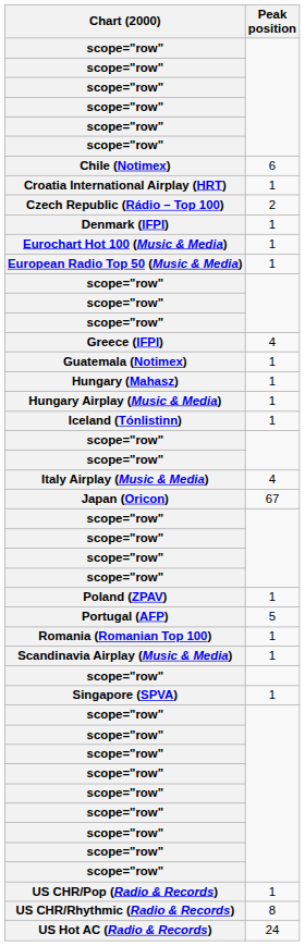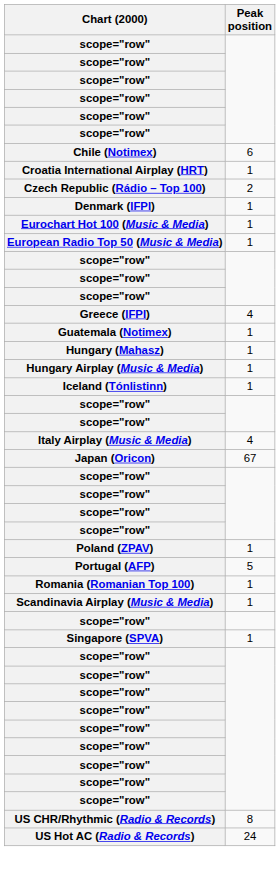 <table class="wikitable sortable plainrowheaders" style="text-align:center">
 <tr>
 <th scope="col">Chart (2000)</th>
 <th scope="col">Peak<br>position</th>
 </tr>
 <tr>
 <th>scope="row"</th>
 </tr>
 <tr>
 <th>scope="row"</th>
 </tr>
 <tr>
 <th>scope="row"</th>
 </tr>
 <tr>
 <th>scope="row"</th>
 </tr>
 <tr>
 <th>scope="row"</th>
 </tr>
 <tr>
 <th>scope="row"</th>
 </tr>
 <tr>
 <th scope="row">Chile (<a href='#'>Notimex</a>)</th>
 <td>6</td>
 </tr>
 <tr>
 <th scope="row">Croatia International Airplay (<a href='#'>HRT</a>)</th>
 <td>1</td>
 </tr>
 <tr>
 <th scope="row">Czech Republic (<a href='#'>Rádio – Top 100</a>)</th>
 <td>2</td>
 </tr>
 <tr>
 <th scope="row">Denmark (<a href='#'>IFPI</a>)</th>
 <td>1</td>
 </tr>
 <tr>
 <th scope="row"><a href='#'>Eurochart Hot 100</a> (<em><a href='#'>Music & Media</a></em>)</th>
 <td>1</td>
 </tr>
 <tr>
 <th scope="row"><a href='#'>European Radio Top 50</a> (<em><a href='#'>Music & Media</a></em>)</th>
 <td>1</td>
 </tr>
 <tr>
 <th>scope="row"</th>
 </tr>
 <tr>
 <th>scope="row"</th>
 </tr>
 <tr>
 <th>scope="row"</th>
 </tr>
 <tr>
 <th scope="row">Greece (<a href='#'>IFPI</a>)</th>
 <td>4</td>
 </tr>
 <tr>
 <th scope="row">Guatemala (<a href='#'>Notimex</a>)</th>
 <td align="center">1</td>
 </tr>
 <tr>
 <th scope="row">Hungary (<a href='#'>Mahasz</a>)</th>
 <td>1</td>
 </tr>
 <tr>
 <th scope="row">Hungary Airplay (<em><a href='#'>Music & Media</a></em>)</th>
 <td>1</td>
 </tr>
 <tr>
 <th scope="row">Iceland (<a href='#'>Tónlistinn</a>)</th>
 <td>1</td>
 </tr>
 <tr>
 <th>scope="row"</th>
 </tr>
 <tr>
 <th>scope="row"</th>
 </tr>
 <tr>
 <th scope= "row">Italy Airplay (<em><a href='#'>Music & Media</a></em>)</th>
 <td>4</td>
 </tr>
 <tr>
 <th scope="row">Japan (<a href='#'>Oricon</a>)</th>
 <td>67</td>
 </tr>
 <tr>
 <th>scope="row"</th>
 </tr>
 <tr>
 <th>scope="row"</th>
 </tr>
 <tr>
 <th>scope="row"</th>
 </tr>
 <tr>
 <th>scope="row"</th>
 </tr>
 <tr>
 <th scope="row">Poland (<a href='#'>ZPAV</a>)</th>
 <td>1</td>
 </tr>
 <tr>
 <th scope="row">Portugal (<a href='#'>AFP</a>)</th>
 <td>5</td>
 </tr>
 <tr>
 <th scope="row">Romania (<a href='#'>Romanian Top 100</a>)</th>
 <td>1</td>
 </tr>
 <tr>
 <th scope="row">Scandinavia Airplay (<em><a href='#'>Music & Media</a></em>)</th>
 <td>1</td>
 </tr>
 <tr>
 <th>scope="row"</th>
 </tr>
 <tr>
 <th scope="row">Singapore (<a href='#'>SPVA</a>)</th>
 <td>1</td>
 </tr>
 <tr>
 <th>scope="row"</th>
 </tr>
 <tr>
 <th>scope="row"</th>
 </tr>
 <tr>
 <th>scope="row"</th>
 </tr>
 <tr>
 <th>scope="row"</th>
 </tr>
 <tr>
 <th>scope="row"</th>
 </tr>
 <tr>
 <th>scope="row"</th>
 </tr>
 <tr>
 <th>scope="row"</th>
 </tr>
 <tr>
 <th>scope="row"</th>
 </tr>
 <tr>
 <th>scope="row"</th>
 </tr>
 <tr>
-<th scope="row">US CHR/Pop (<em><a href='#'>Radio & Records</a></em>)</th>
-<td>1</td>
-</tr>
-<tr>
 <th scope="row">US CHR/Rhythmic (<em><a href='#'>Radio & Records</a></em>)</th>
 <td>8</td>
 </tr>
 <tr>
 <th scope="row">US Hot AC (<em><a href='#'>Radio & Records</a></em>)</th>
 <td>24</td>
 </tr>
 </table>
